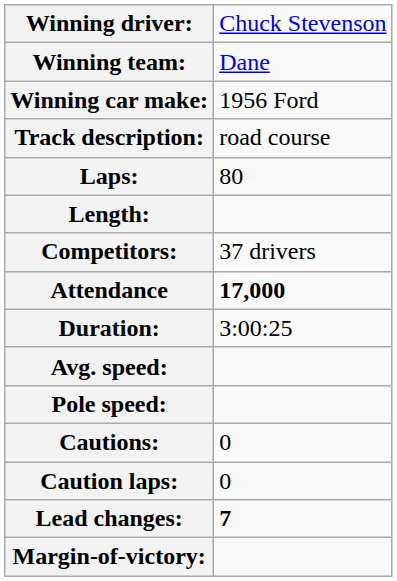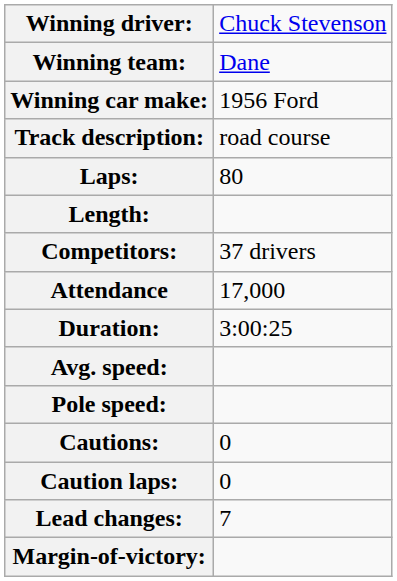 <table class="wikitable" style=text-align:left>
 <tr>
 <th>Winning driver:</th>
 <td><a href='#'>Chuck Stevenson</a></td>
 </tr>
 <tr>
 <th>Winning team:</th>
 <td><a href='#'>Dane</a></td>
 </tr>
 <tr>
 <th>Winning car make:</th>
 <td>1956 Ford</td>
 </tr>
 <tr>
 <th>Track description:</th>
 <td> road course</td>
 </tr>
 <tr>
 <th>Laps:</th>
 <td>80</td>
 </tr>
 <tr>
 <th>Length:</th>
 <td></td>
 </tr>
 <tr>
 <th>Competitors:</th>
 <td>37 drivers</td>
 </tr>
 <tr>
 <th>Attendance</th>
-<td><strong>17,000</strong></td>
+<td>17,000</td>
 </tr>
 <tr>
 <th>Duration:</th>
 <td>3:00:25</td>
 </tr>
 <tr>
 <th>Avg. speed:</th>
 <td></td>
 </tr>
 <tr>
 <th>Pole speed:</th>
 <td></td>
 </tr>
 <tr>
 <th>Cautions:</th>
 <td>0</td>
 </tr>
 <tr>
 <th>Caution laps:</th>
 <td>0</td>
 </tr>
 <tr>
 <th>Lead changes:</th>
-<td><strong>7</strong></td>
+<td>7</td>
 </tr>
 <tr>
 <th>Margin-of-victory:</th>
 <td></td>
 </tr>
 </table>
